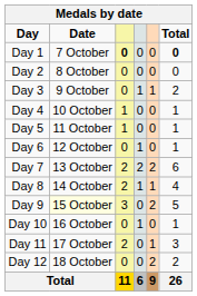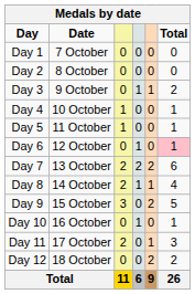 <table class=wikitable style="font-size:85%;float:right;clear:right;">
 <tr bgcolor=efefef>
 <th colspan=6>Medals by date</th>
 </tr>
 <tr align=center>
 <td><strong>Day</strong></td>
 <td><strong>Date</strong></td>
 <td bgcolor=#f7f6a8></td>
 <td bgcolor=#dce5e5></td>
 <td bgcolor=#ffdab9></td>
 <td><strong>Total</strong></td>
 </tr>
 <tr align=center>
 <td>Day 1</td>
 <td>7 October</td>
-<td bgcolor=F7F6A8><strong>0</strong></td>
+<td bgcolor=F7F6A8>0</td>
 <td bgcolor=DCE5E5>0</td>
 <td bgcolor=FFDAB9>0</td>
-<td><strong>0</strong></td>
+<td>0</td>
 </tr>
 <tr align=center>
 <td>Day 2</td>
 <td>8 October</td>
 <td bgcolor=F7F6A8>0</td>
 <td bgcolor=DCE5E5>0</td>
 <td bgcolor=FFDAB9>0</td>
 <td>0</td>
 </tr>
 <tr align=center>
 <td>Day 3</td>
 <td>9 October</td>
 <td bgcolor=F7F6A8>0</td>
 <td bgcolor=DCE5E5>1</td>
 <td bgcolor=FFDAB9>1</td>
 <td>2</td>
 </tr>
 <tr align=center>
 <td>Day 4</td>
 <td>10 October</td>
 <td bgcolor=F7F6A8>1</td>
 <td bgcolor=DCE5E5>0</td>
 <td bgcolor=FFDAB9>0</td>
 <td>1</td>
 </tr>
 <tr align=center>
 <td>Day 5</td>
 <td>11 October</td>
 <td bgcolor=F7F6A8>1</td>
 <td bgcolor=DCE5E5>0</td>
 <td bgcolor=FFDAB9>0</td>
 <td>1</td>
 </tr>
 <tr align=center>
 <td>Day 6</td>
 <td>12 October</td>
 <td bgcolor=F7F6A8>0</td>
 <td bgcolor=DCE5E5>1</td>
 <td bgcolor=FFDAB9>0</td>
-<td>1</td>
+<td style="background: pink;">1</td>
 </tr>
 <tr align=center>
 <td>Day 7</td>
 <td>13 October</td>
 <td bgcolor=F7F6A8>2</td>
 <td bgcolor=DCE5E5>2</td>
 <td bgcolor=FFDAB9>2</td>
 <td>6</td>
 </tr>
 <tr align=center>
 <td>Day 8</td>
 <td>14 October</td>
 <td bgcolor=F7F6A8>2</td>
 <td bgcolor=DCE5E5>1</td>
 <td bgcolor=FFDAB9>1</td>
 <td>4</td>
 </tr>
 <tr align=center>
 <td>Day 9</td>
-<td style="background: lightyellow;">15 October</td>
+<td>15 October</td>
 <td bgcolor=F7F6A8>3</td>
 <td bgcolor=DCE5E5>0</td>
 <td bgcolor=FFDAB9>2</td>
 <td>5</td>
 </tr>
 <tr align=center>
 <td>Day 10</td>
 <td>16 October</td>
 <td bgcolor=F7F6A8>0</td>
 <td bgcolor=DCE5E5>1</td>
 <td bgcolor=FFDAB9>0</td>
 <td>1</td>
 </tr>
 <tr align=center>
 <td>Day 11</td>
 <td>17 October</td>
 <td bgcolor=F7F6A8>2</td>
 <td bgcolor=DCE5E5>0</td>
 <td bgcolor=FFDAB9>1</td>
 <td>3</td>
 </tr>
 <tr align=center>
 <td>Day 12</td>
 <td>18 October</td>
 <td bgcolor=F7F6A8>0</td>
 <td bgcolor=DCE5E5>0</td>
 <td bgcolor=FFDAB9>2</td>
 <td>2</td>
 </tr>
 <tr>
 <th colspan=2>Total</th>
 <th style="background:gold">11</th>
 <th style="background:silver">6</th>
 <th style="background:#c96">9</th>
 <th>26</th>
 </tr>
 </table>
